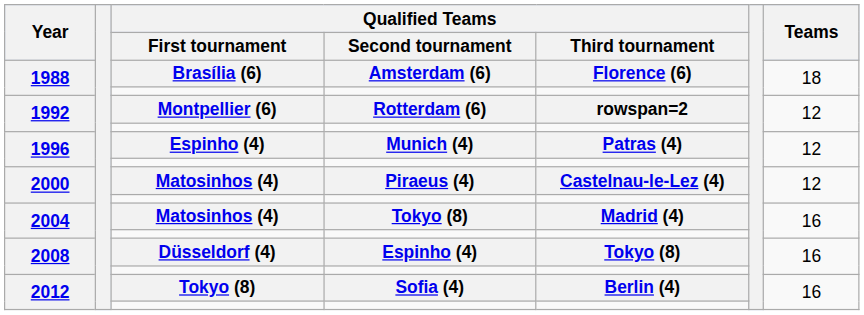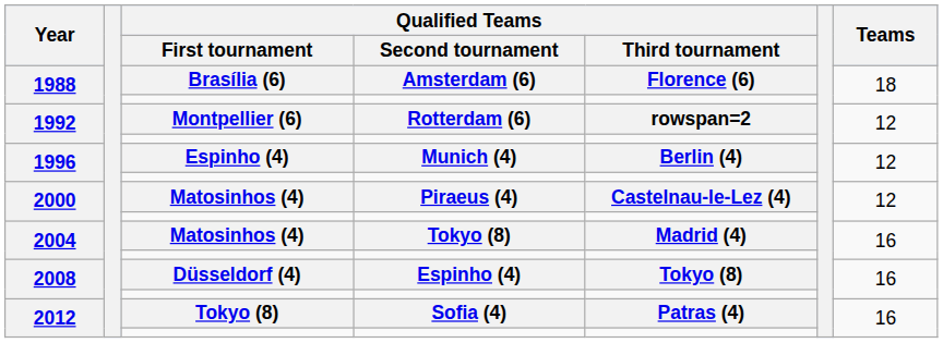 <table class="wikitable" style="font-size:90%; width: 80%; text-align: center;">
 <tr bgcolor=#c1d8ff>
 <th rowspan=2 width=6%>Year</th>
 <th width=1% rowspan=16 bgcolor=ffffff></th>
 <th colspan=3>Qualified Teams</th>
 <th width=1% rowspan=16 bgcolor=#ffffff></th>
 <th rowspan=2 width=5%>Teams</th>
 </tr>
 <tr bgcolor=#efefef>
 <th width=14%>First tournament</th>
 <th width=14%>Second tournament</th>
 <th width=14%>Third tournament</th>
 </tr>
 <tr>
 <th rowspan=2><a href='#'>1988</a></th>
 <th> <a href='#'>Brasília</a> (6)</th>
 <th> <a href='#'>Amsterdam</a> (6)</th>
 <th> <a href='#'>Florence</a> (6)</th>
 <td rowspan=2>18</td>
 </tr>
 <tr>
 <td><strong></strong></td>
 <td><strong></strong></td>
 <td><strong></strong></td>
 </tr>
 <tr>
 <th rowspan=2><a href='#'>1992</a></th>
 <th> <a href='#'>Montpellier</a> (6)</th>
 <th> <a href='#'>Rotterdam</a> (6)</th>
 <th>rowspan=2 </th>
 <td rowspan=2>12</td>
 </tr>
 <tr>
 <td><strong></strong></td>
 <td><strong></strong></td>
 </tr>
 <tr>
 <th rowspan=2><a href='#'>1996</a></th>
 <th> <a href='#'>Espinho</a> (4)</th>
 <th> <a href='#'>Munich</a> (4)</th>
-<th> <a href='#'>Patras</a> (4)</th>
+<th> <a href='#'>Berlin</a> (4)</th>
 <td rowspan=2>12</td>
 </tr>
 <tr>
 <td><strong></strong></td>
 <td><strong></strong></td>
 <td><strong></strong></td>
 </tr>
 <tr>
 <th rowspan=2><a href='#'>2000</a></th>
 <th> <a href='#'>Matosinhos</a> (4)</th>
 <th> <a href='#'>Piraeus</a> (4)</th>
 <th> <a href='#'>Castelnau-le-Lez</a> (4)</th>
 <td rowspan=2>12</td>
 </tr>
 <tr>
 <td><strong></strong></td>
 <td><strong></strong></td>
 <td><strong></strong></td>
 </tr>
 <tr>
 <th rowspan=2><a href='#'>2004</a></th>
 <th> <a href='#'>Matosinhos</a> (4)</th>
 <th> <a href='#'>Tokyo</a> (8)</th>
 <th> <a href='#'>Madrid</a> (4)</th>
 <td rowspan=2>16</td>
 </tr>
 <tr>
 <td><strong></strong></td>
 <td><strong></strong></td>
 <td><strong></strong></td>
 </tr>
 <tr>
 <th rowspan=2><a href='#'>2008</a></th>
 <th> <a href='#'>Düsseldorf</a> (4)</th>
 <th> <a href='#'>Espinho</a> (4)</th>
 <th> <a href='#'>Tokyo</a> (8)</th>
 <td rowspan=2>16</td>
 </tr>
 <tr>
 <td><strong></strong></td>
 <td><strong></strong></td>
 <td><strong></strong></td>
 </tr>
 <tr>
 <th rowspan=2><a href='#'>2012</a></th>
 <th> <a href='#'>Tokyo</a> (8)</th>
 <th> <a href='#'>Sofia</a> (4)</th>
-<th> <a href='#'>Berlin</a> (4)</th>
+<th> <a href='#'>Patras</a> (4)</th>
 <td rowspan=2>16</td>
 </tr>
 <tr>
 <td><strong></strong></td>
 <td><strong></strong></td>
 <td><strong></strong></td>
 </tr>
 </table>
